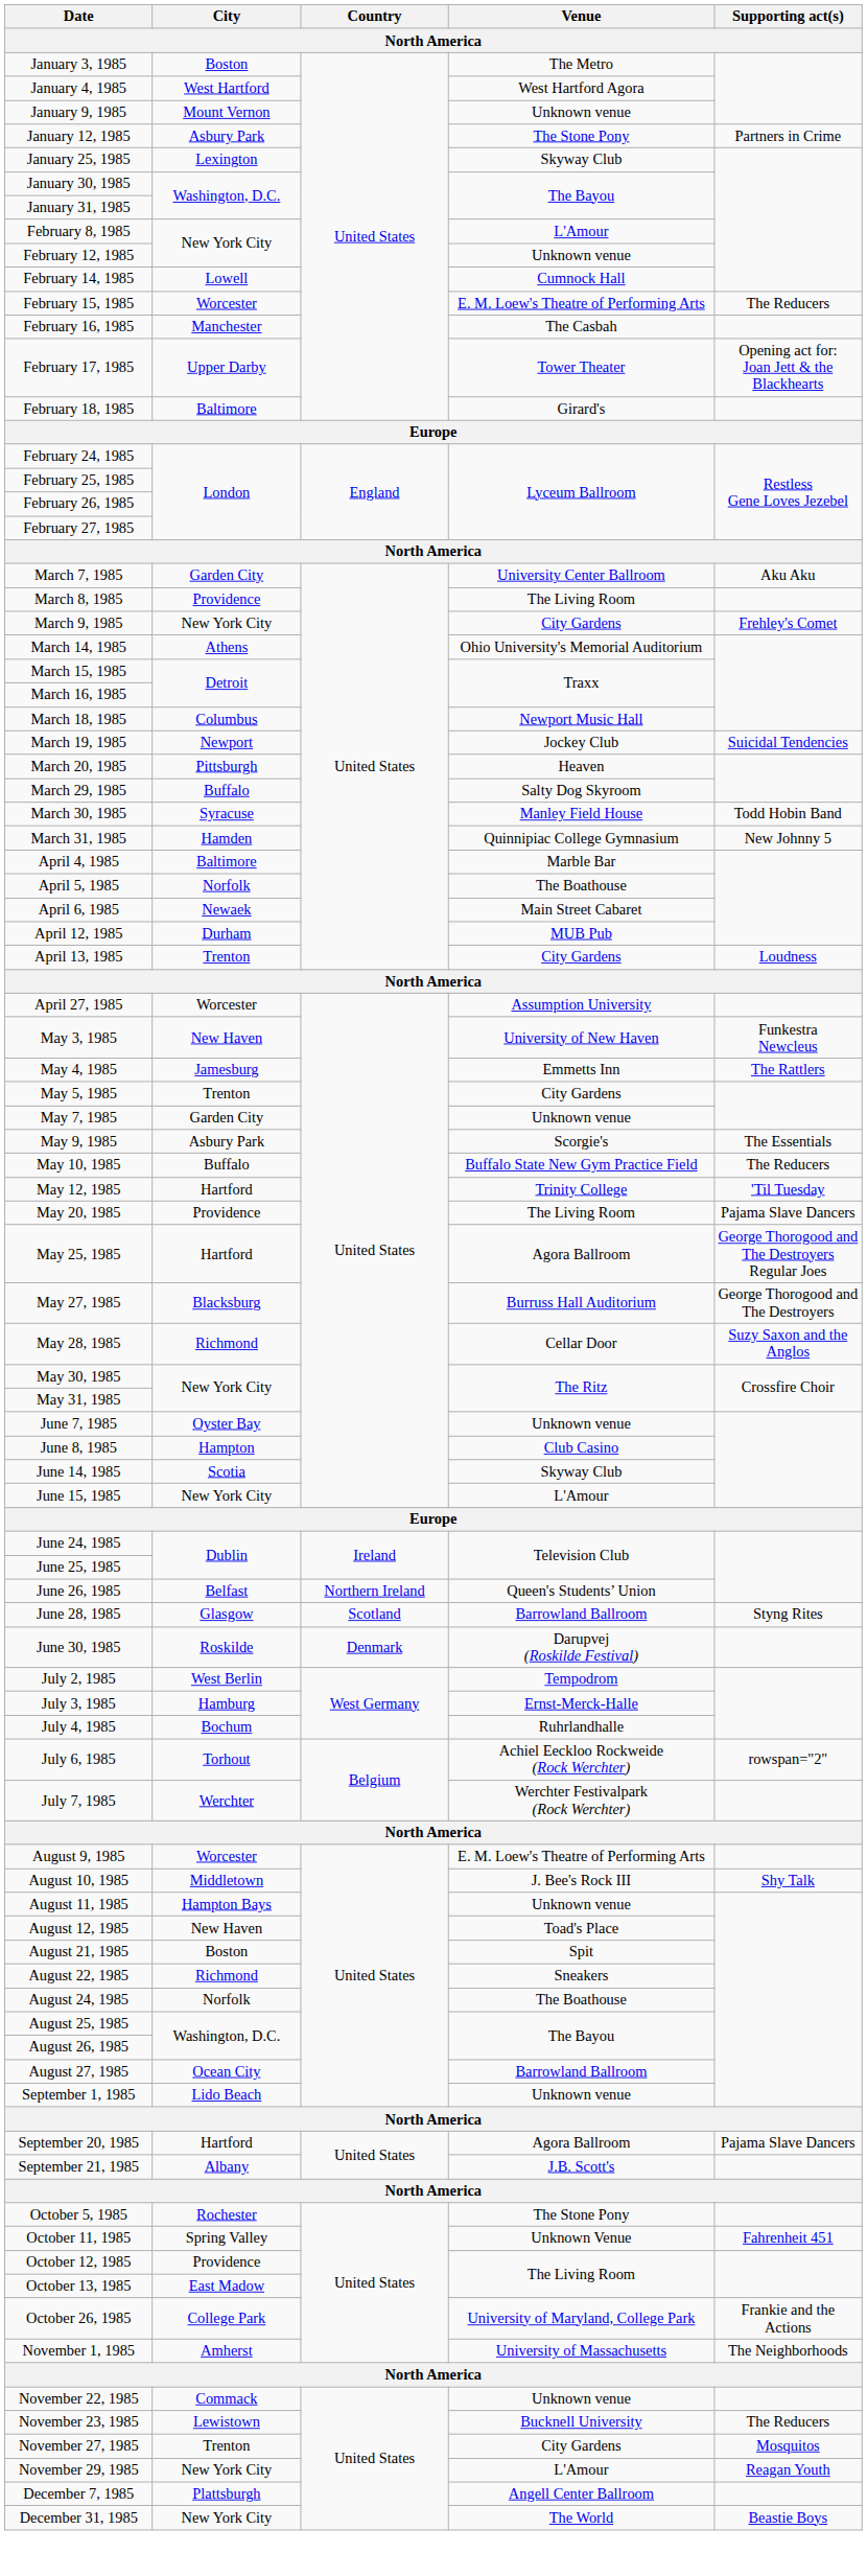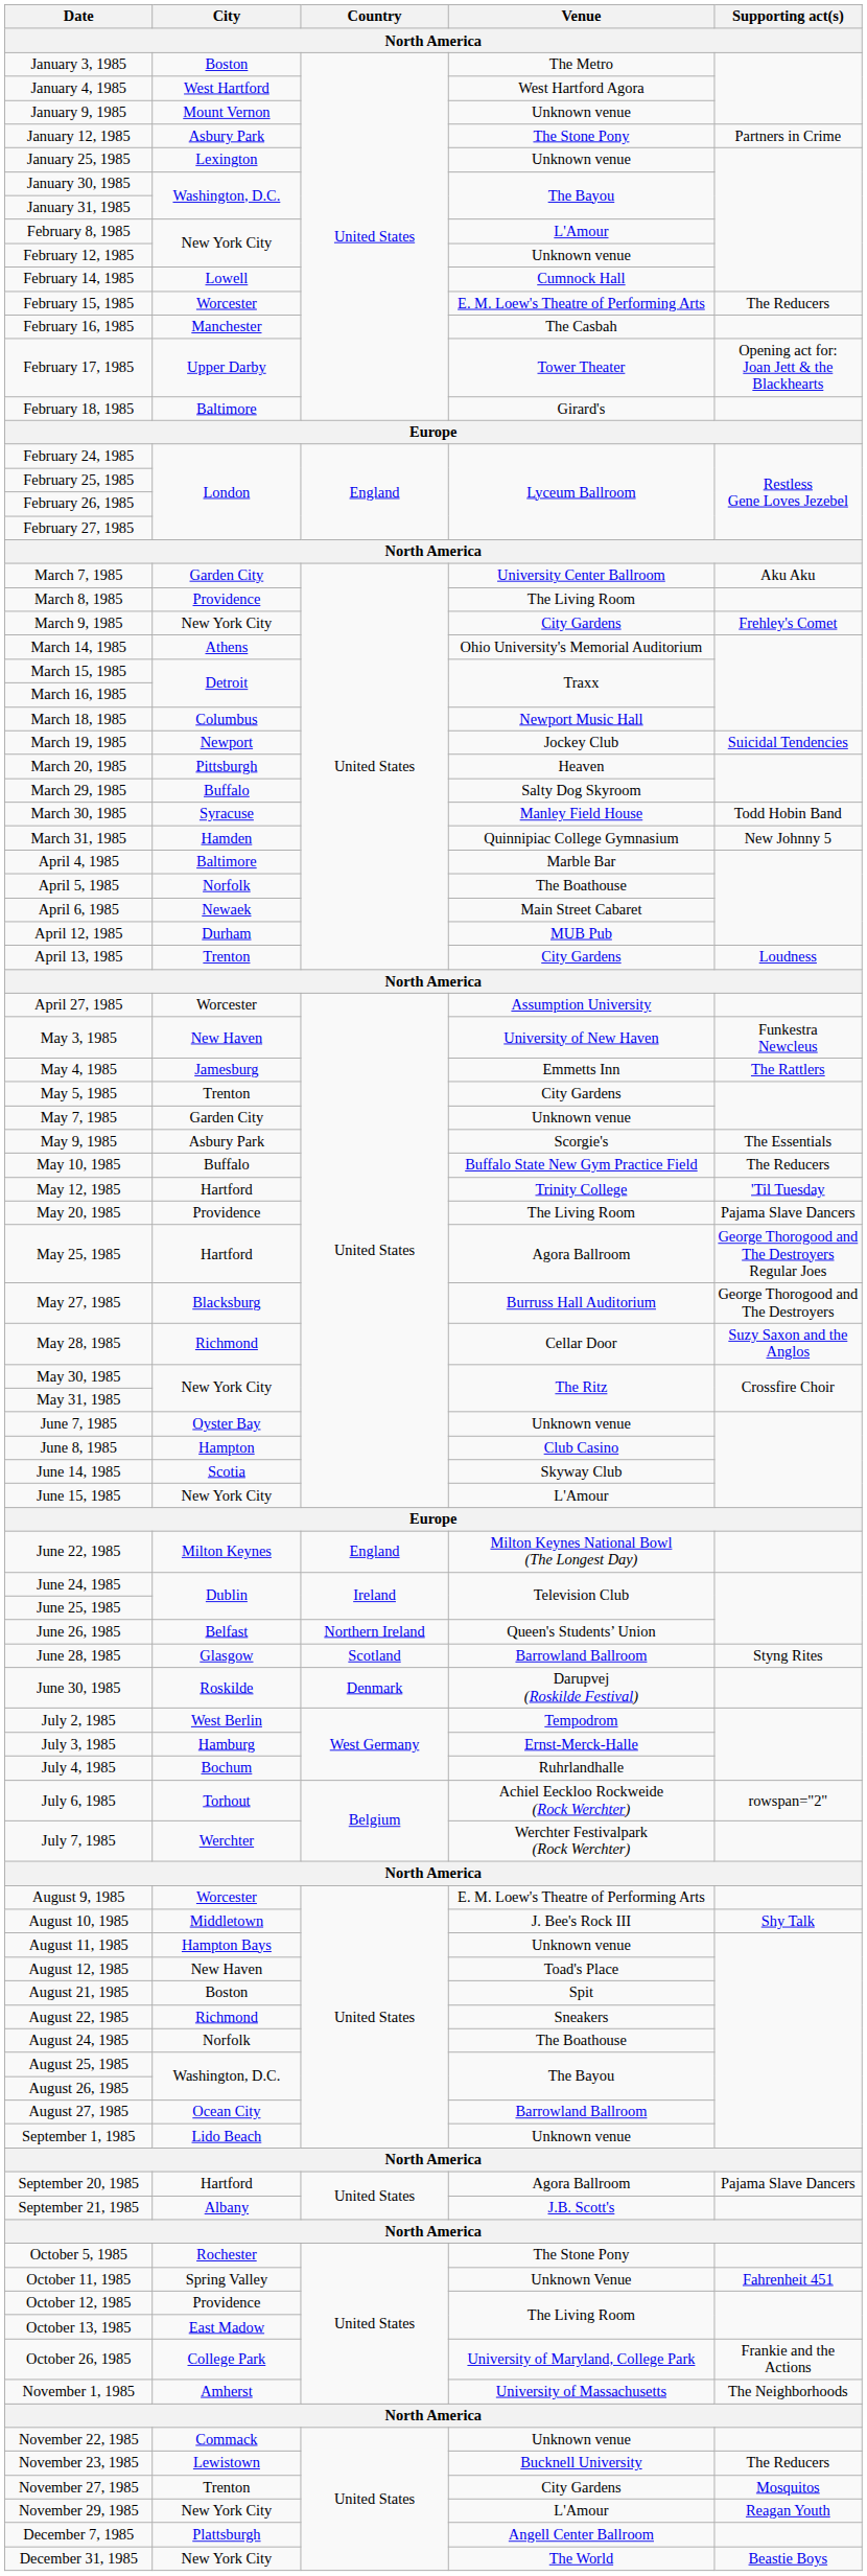 <table class="wikitable" style="text-align:center;">
 <tr>
 <th width="150">Date</th>
 <th width="150">City</th>
 <th width="150">Country</th>
 <th width="275">Venue</th>
 <th width="150">Supporting act(s)</th>
 </tr>
 <tr>
 <th colspan="5">North America</th>
 </tr>
 <tr>
 <td>January 3, 1985</td>
 <td><a href='#'>Boston</a></td>
 <td rowspan="14"><a href='#'>United States</a></td>
 <td>The Metro</td>
 <td rowspan="3"></td>
 </tr>
 <tr>
 <td>January 4, 1985</td>
 <td><a href='#'>West Hartford</a></td>
 <td>West Hartford Agora</td>
 </tr>
 <tr>
 <td>January 9, 1985</td>
 <td><a href='#'>Mount Vernon</a></td>
 <td>Unknown venue</td>
 </tr>
 <tr>
 <td>January 12, 1985</td>
 <td><a href='#'>Asbury Park</a></td>
 <td><a href='#'>The Stone Pony</a></td>
 <td>Partners in Crime</td>
 </tr>
 <tr>
 <td>January 25, 1985</td>
 <td><a href='#'>Lexington</a></td>
-<td>Skyway Club</td>
+<td>Unknown venue</td>
 <td rowspan="6"></td>
 </tr>
 <tr>
 <td>January 30, 1985</td>
 <td rowspan="2"><a href='#'>Washington, D.C.</a></td>
 <td rowspan="2"><a href='#'>The Bayou</a></td>
 </tr>
 <tr>
 <td>January 31, 1985</td>
 </tr>
 <tr>
 <td>February 8, 1985</td>
 <td rowspan="2">New York City</td>
 <td><a href='#'>L'Amour</a></td>
 </tr>
 <tr>
 <td>February 12, 1985</td>
 <td>Unknown venue</td>
 </tr>
 <tr>
 <td>February 14, 1985</td>
 <td><a href='#'>Lowell</a></td>
 <td><a href='#'>Cumnock Hall</a></td>
 </tr>
 <tr>
 <td>February 15, 1985</td>
 <td><a href='#'>Worcester</a></td>
 <td><a href='#'>E. M. Loew's Theatre of Performing Arts</a></td>
 <td>The Reducers</td>
 </tr>
 <tr>
 <td>February 16, 1985</td>
 <td><a href='#'>Manchester</a></td>
 <td>The Casbah</td>
 <td></td>
 </tr>
 <tr>
 <td>February 17, 1985</td>
 <td><a href='#'>Upper Darby</a></td>
 <td><a href='#'>Tower Theater</a></td>
 <td>Opening act for:<br><a href='#'>Joan Jett & the Blackhearts</a></td>
 </tr>
 <tr>
 <td>February 18, 1985</td>
 <td><a href='#'>Baltimore</a></td>
 <td>Girard's</td>
 <td></td>
 </tr>
 <tr>
 <th colspan="5">Europe</th>
 </tr>
 <tr>
 <td>February 24, 1985</td>
 <td rowspan="4"><a href='#'>London</a></td>
 <td rowspan="4"><a href='#'>England</a></td>
 <td rowspan="4"><a href='#'>Lyceum Ballroom</a></td>
 <td rowspan="4"><a href='#'>Restless</a><br><a href='#'>Gene Loves Jezebel</a></td>
 </tr>
 <tr>
 <td>February 25, 1985</td>
 </tr>
 <tr>
 <td>February 26, 1985</td>
 </tr>
 <tr>
 <td>February 27, 1985</td>
 </tr>
 <tr>
 <th colspan="5">North America</th>
 </tr>
 <tr>
 <td>March 7, 1985</td>
 <td><a href='#'>Garden City</a></td>
 <td rowspan="17">United States</td>
 <td><a href='#'>University Center Ballroom</a></td>
 <td>Aku Aku</td>
 </tr>
 <tr>
 <td>March 8, 1985</td>
 <td><a href='#'>Providence</a></td>
 <td>The Living Room</td>
 <td></td>
 </tr>
 <tr>
 <td>March 9, 1985</td>
 <td>New York City</td>
 <td><a href='#'>City Gardens</a></td>
 <td><a href='#'>Frehley's Comet</a></td>
 </tr>
 <tr>
 <td>March 14, 1985</td>
 <td><a href='#'>Athens</a></td>
 <td>Ohio University's Memorial Auditorium</td>
 <td rowspan="4"></td>
 </tr>
 <tr>
 <td>March 15, 1985</td>
 <td rowspan="2"><a href='#'>Detroit</a></td>
 <td rowspan="2">Traxx</td>
 </tr>
 <tr>
 <td>March 16, 1985</td>
 </tr>
 <tr>
 <td>March 18, 1985</td>
 <td><a href='#'>Columbus</a></td>
 <td><a href='#'>Newport Music Hall</a></td>
 </tr>
 <tr>
 <td>March 19, 1985</td>
 <td><a href='#'>Newport</a></td>
 <td>Jockey Club</td>
 <td><a href='#'>Suicidal Tendencies</a></td>
 </tr>
 <tr>
 <td>March 20, 1985</td>
 <td><a href='#'>Pittsburgh</a></td>
 <td>Heaven</td>
 <td rowspan="2"></td>
 </tr>
 <tr>
 <td>March 29, 1985</td>
 <td><a href='#'>Buffalo</a></td>
 <td>Salty Dog Skyroom</td>
 </tr>
 <tr>
 <td>March 30, 1985</td>
 <td><a href='#'>Syracuse</a></td>
 <td><a href='#'>Manley Field House</a></td>
 <td>Todd Hobin Band</td>
 </tr>
 <tr>
 <td>March 31, 1985</td>
 <td><a href='#'>Hamden</a></td>
 <td>Quinnipiac College Gymnasium</td>
 <td>New Johnny 5</td>
 </tr>
 <tr>
 <td>April 4, 1985</td>
 <td><a href='#'>Baltimore</a></td>
 <td>Marble Bar</td>
 <td rowspan="4"></td>
 </tr>
 <tr>
 <td>April 5, 1985</td>
 <td><a href='#'>Norfolk</a></td>
 <td>The Boathouse</td>
 </tr>
 <tr>
 <td>April 6, 1985</td>
 <td><a href='#'>Newaek</a></td>
 <td>Main Street Cabaret</td>
 </tr>
 <tr>
 <td>April 12, 1985</td>
 <td><a href='#'>Durham</a></td>
 <td><a href='#'>MUB Pub</a></td>
 </tr>
 <tr>
 <td>April 13, 1985</td>
 <td><a href='#'>Trenton</a></td>
 <td><a href='#'>City Gardens</a></td>
 <td><a href='#'>Loudness</a></td>
 </tr>
 <tr>
 <th colspan="5">North America</th>
 </tr>
 <tr>
 <td>April 27, 1985</td>
 <td>Worcester</td>
 <td rowspan="18">United States</td>
 <td><a href='#'>Assumption University</a></td>
 <td></td>
 </tr>
 <tr>
 <td>May 3, 1985</td>
 <td><a href='#'>New Haven</a></td>
 <td><a href='#'>University of New Haven</a></td>
 <td>Funkestra<br><a href='#'>Newcleus</a></td>
 </tr>
 <tr>
 <td>May 4, 1985</td>
 <td><a href='#'>Jamesburg</a></td>
 <td>Emmetts Inn</td>
 <td><a href='#'>The Rattlers</a></td>
 </tr>
 <tr>
 <td>May 5, 1985</td>
 <td>Trenton</td>
 <td>City Gardens</td>
 <td rowspan="2"></td>
 </tr>
 <tr>
 <td>May 7, 1985</td>
 <td>Garden City</td>
 <td>Unknown venue</td>
 </tr>
 <tr>
 <td>May 9, 1985</td>
 <td>Asbury Park</td>
 <td>Scorgie's</td>
 <td>The Essentials</td>
 </tr>
 <tr>
 <td>May 10, 1985</td>
 <td>Buffalo</td>
 <td><a href='#'>Buffalo State New Gym Practice Field</a></td>
 <td>The Reducers</td>
 </tr>
 <tr>
 <td>May 12, 1985</td>
 <td>Hartford</td>
 <td><a href='#'>Trinity College</a></td>
 <td><a href='#'>'Til Tuesday</a></td>
 </tr>
 <tr>
 <td>May 20, 1985</td>
 <td>Providence</td>
 <td>The Living Room</td>
 <td>Pajama Slave Dancers</td>
 </tr>
 <tr>
 <td>May 25, 1985</td>
 <td>Hartford</td>
 <td>Agora Ballroom</td>
 <td><a href='#'>George Thorogood and The Destroyers</a><br>Regular Joes</td>
 </tr>
 <tr>
 <td>May 27, 1985</td>
 <td><a href='#'>Blacksburg</a></td>
 <td><a href='#'>Burruss Hall Auditorium</a></td>
 <td>George Thorogood and The Destroyers</td>
 </tr>
 <tr>
 <td>May 28, 1985</td>
 <td><a href='#'>Richmond</a></td>
 <td>Cellar Door</td>
 <td><a href='#'>Suzy Saxon and the Anglos</a></td>
 </tr>
 <tr>
 <td>May 30, 1985</td>
 <td rowspan="2">New York City</td>
 <td rowspan="2"><a href='#'>The Ritz</a></td>
 <td rowspan="2">Crossfire Choir</td>
 </tr>
 <tr>
 <td>May 31, 1985</td>
 </tr>
 <tr>
 <td>June 7, 1985</td>
 <td><a href='#'>Oyster Bay</a></td>
 <td>Unknown venue</td>
 <td rowspan="4"></td>
 </tr>
 <tr>
 <td>June 8, 1985</td>
 <td><a href='#'>Hampton</a></td>
 <td><a href='#'>Club Casino</a></td>
 </tr>
 <tr>
 <td>June 14, 1985</td>
 <td><a href='#'>Scotia</a></td>
 <td>Skyway Club</td>
 </tr>
 <tr>
 <td>June 15, 1985</td>
 <td>New York City</td>
 <td>L'Amour</td>
 </tr>
 <tr>
 <th colspan="5">Europe</th>
 </tr>
 <tr>
+<td>June 22, 1985</td>
+<td><a href='#'>Milton Keynes</a></td>
+<td><a href='#'>England</a></td>
+<td><a href='#'>Milton Keynes National Bowl</a><br><em>(The Longest Day)</em></td>
+<td></td>
+</tr>
+<tr>
 <td>June 24, 1985</td>
 <td rowspan="2"><a href='#'>Dublin</a></td>
 <td rowspan="2"><a href='#'>Ireland</a></td>
 <td rowspan="2">Television Club</td>
 <td rowspan="3"></td>
 </tr>
 <tr>
 <td>June 25, 1985</td>
 </tr>
 <tr>
 <td>June 26, 1985</td>
 <td><a href='#'>Belfast</a></td>
 <td><a href='#'>Northern Ireland</a></td>
 <td>Queen's Students’ Union</td>
 </tr>
 <tr>
 <td>June 28, 1985</td>
 <td><a href='#'>Glasgow</a></td>
 <td><a href='#'>Scotland</a></td>
 <td><a href='#'>Barrowland Ballroom</a></td>
 <td>Styng Rites</td>
 </tr>
 <tr>
 <td>June 30, 1985</td>
 <td><a href='#'>Roskilde</a></td>
 <td><a href='#'>Denmark</a></td>
 <td>Darupvej<br><em>(<a href='#'>Roskilde Festival</a>)</em></td>
 <td></td>
 </tr>
 <tr>
 <td>July 2, 1985</td>
 <td><a href='#'>West Berlin</a></td>
 <td rowspan="3"><a href='#'>West Germany</a></td>
 <td><a href='#'>Tempodrom</a></td>
 <td rowspan="3"></td>
 </tr>
 <tr>
 <td>July 3, 1985</td>
 <td><a href='#'>Hamburg</a></td>
 <td><a href='#'>Ernst-Merck-Halle</a></td>
 </tr>
 <tr>
 <td>July 4, 1985</td>
 <td><a href='#'>Bochum</a></td>
 <td>Ruhrlandhalle</td>
 </tr>
 <tr>
 <td>July 6, 1985</td>
 <td><a href='#'>Torhout</a></td>
 <td rowspan="2"><a href='#'>Belgium</a></td>
 <td>Achiel Eeckloo Rockweide<br><em>(<a href='#'>Rock Werchter</a>)</em></td>
 <td>rowspan="2" </td>
 </tr>
 <tr>
 <td>July 7, 1985</td>
 <td><a href='#'>Werchter</a></td>
 <td>Werchter Festivalpark<br><em>(Rock Werchter)</em></td>
 </tr>
 <tr>
 <th colspan="5">North America</th>
 </tr>
 <tr>
 <td>August 9, 1985</td>
 <td><a href='#'>Worcester</a></td>
 <td rowspan="11">United States</td>
 <td>E. M. Loew's Theatre of Performing Arts</td>
 <td></td>
 </tr>
 <tr>
 <td>August 10, 1985</td>
 <td><a href='#'>Middletown</a></td>
 <td>J. Bee's Rock III</td>
 <td><a href='#'>Shy Talk</a></td>
 </tr>
 <tr>
 <td>August 11, 1985</td>
 <td><a href='#'>Hampton Bays</a></td>
 <td>Unknown venue</td>
 <td rowspan="9"></td>
 </tr>
 <tr>
 <td>August 12, 1985</td>
 <td>New Haven</td>
 <td>Toad's Place</td>
 </tr>
 <tr>
 <td>August 21, 1985</td>
 <td>Boston</td>
 <td>Spit</td>
 </tr>
 <tr>
 <td>August 22, 1985</td>
 <td><a href='#'>Richmond</a></td>
 <td>Sneakers</td>
 </tr>
 <tr>
 <td>August 24, 1985</td>
 <td>Norfolk</td>
 <td>The Boathouse</td>
 </tr>
 <tr>
 <td>August 25, 1985</td>
 <td rowspan="2">Washington, D.C.</td>
 <td rowspan="2">The Bayou</td>
 </tr>
 <tr>
 <td>August 26, 1985</td>
 </tr>
 <tr>
 <td>August 27, 1985</td>
 <td><a href='#'>Ocean City</a></td>
 <td><a href='#'>Barrowland Ballroom</a></td>
 </tr>
 <tr>
 <td>September 1, 1985</td>
 <td><a href='#'>Lido Beach</a></td>
 <td>Unknown venue</td>
 </tr>
 <tr>
 <th colspan="5">North America</th>
 </tr>
 <tr>
 <td>September 20, 1985</td>
 <td>Hartford</td>
 <td rowspan="2">United States</td>
 <td>Agora Ballroom</td>
 <td>Pajama Slave Dancers</td>
 </tr>
 <tr>
 <td>September 21, 1985</td>
 <td><a href='#'>Albany</a></td>
 <td><a href='#'>J.B. Scott's</a></td>
 <td></td>
 </tr>
 <tr>
 <th colspan="5">North America</th>
 </tr>
 <tr>
 <td>October 5, 1985</td>
 <td><a href='#'>Rochester</a></td>
 <td rowspan="6">United States</td>
 <td>The Stone Pony</td>
 <td></td>
 </tr>
 <tr>
 <td>October 11, 1985</td>
 <td>Spring Valley</td>
 <td>Unknown Venue</td>
 <td><a href='#'>Fahrenheit 451</a></td>
 </tr>
 <tr>
 <td>October 12, 1985</td>
 <td>Providence</td>
 <td rowspan="2">The Living Room</td>
 <td rowspan="2"></td>
 </tr>
 <tr>
 <td>October 13, 1985</td>
 <td><a href='#'>East Madow</a></td>
 </tr>
 <tr>
 <td>October 26, 1985</td>
 <td><a href='#'>College Park</a></td>
 <td><a href='#'>University of Maryland, College Park</a></td>
 <td>Frankie and the Actions</td>
 </tr>
 <tr>
 <td>November 1, 1985</td>
 <td><a href='#'>Amherst</a></td>
 <td><a href='#'>University of Massachusetts</a></td>
 <td>The Neighborhoods</td>
 </tr>
 <tr>
 <th colspan="5">North America</th>
 </tr>
 <tr>
 <td>November 22, 1985</td>
 <td><a href='#'>Commack</a></td>
 <td rowspan="6">United States</td>
 <td>Unknown venue</td>
 <td></td>
 </tr>
 <tr>
 <td>November 23, 1985</td>
 <td><a href='#'>Lewistown</a></td>
 <td><a href='#'>Bucknell University</a></td>
 <td>The Reducers</td>
 </tr>
 <tr>
 <td>November 27, 1985</td>
 <td>Trenton</td>
 <td>City Gardens</td>
 <td><a href='#'>Mosquitos</a></td>
 </tr>
 <tr>
 <td>November 29, 1985</td>
 <td>New York City</td>
 <td>L'Amour</td>
 <td><a href='#'>Reagan Youth</a></td>
 </tr>
 <tr>
 <td>December 7, 1985</td>
 <td><a href='#'>Plattsburgh</a></td>
 <td><a href='#'>Angell Center Ballroom</a></td>
 <td></td>
 </tr>
 <tr>
 <td>December 31, 1985</td>
 <td>New York City</td>
 <td><a href='#'>The World</a></td>
 <td><a href='#'>Beastie Boys</a></td>
 </tr>
 </table>
